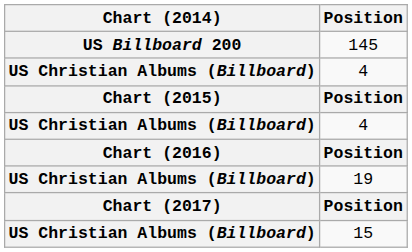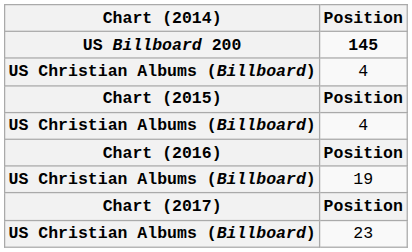 <table class="wikitable plainrowheaders" style="text-align:center">
 <tr>
 <th scope="col">Chart (2014)</th>
 <th scope="col">Position</th>
 </tr>
 <tr>
 <th scope="row">US <em>Billboard</em> 200</th>
-<td>145</td>
+<td><strong>145</strong></td>
 </tr>
 <tr>
 <th scope="row">US Christian Albums (<em>Billboard</em>)</th>
 <td>4</td>
 </tr>
 <tr>
 <th scope="col">Chart (2015)</th>
 <th scope="col">Position</th>
 </tr>
 <tr>
 <th scope="row">US Christian Albums (<em>Billboard</em>)</th>
 <td>4</td>
 </tr>
 <tr>
 <th scope="col">Chart (2016)</th>
 <th scope="col">Position</th>
 </tr>
 <tr>
 <th scope="row">US Christian Albums (<em>Billboard</em>)</th>
 <td>19</td>
 </tr>
 <tr>
 <th scope="col">Chart (2017)</th>
 <th scope="col">Position</th>
 </tr>
 <tr>
 <th scope="row">US Christian Albums (<em>Billboard</em>)</th>
-<td>15</td>
+<td>23</td>
 </tr>
 </table>
